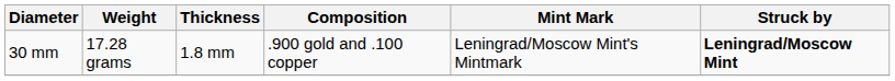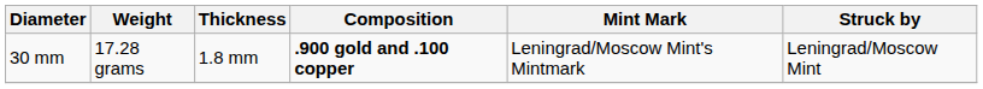 <table class="wikitable">
 <tr>
 <th>Diameter</th>
 <th>Weight</th>
 <th>Thickness</th>
 <th>Composition</th>
 <th>Mint Mark</th>
 <th>Struck by</th>
 </tr>
 <tr>
 <td>30 mm</td>
 <td>17.28 grams</td>
 <td>1.8 mm</td>
-<td>.900 gold and .100 copper</td>
+<td><strong>.900 gold and .100 copper</strong></td>
 <td>Leningrad/Moscow Mint's Mintmark</td>
-<td><strong>Leningrad/Moscow Mint</strong></td>
+<td>Leningrad/Moscow Mint</td>
 </tr>
 <tr>
 </tr>
 </table>
